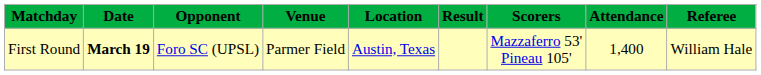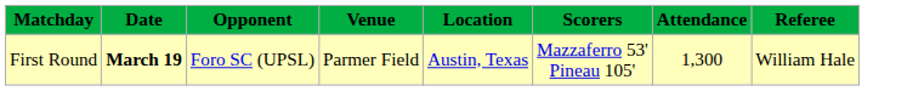 <table class="wikitable">
 <tr>
 <th style="background:#00AE42; color:black;">Matchday</th>
 <th style="background:#00AE42; color:black;">Date</th>
 <th style="background:#00AE42; color:black;">Opponent</th>
 <th style="background:#00AE42; color:black;">Venue</th>
 <th style="background:#00AE42; color:black;">Location</th>
-<th style="background:#00AE42; color:black;">Result</th>
 <th style="background:#00AE42; color:black;">Scorers</th>
 <th style="background:#00AE42; color:black;">Attendance</th>
 <th style="background:#00AE42; color:black;">Referee</th>
 </tr>
 <tr bgcolor = ffffbb>
 <td align="center">First Round</td>
 <td align="center"><strong>March 19</strong></td>
 <td align="center"> <a href='#'>Foro SC</a> (UPSL)</td>
 <td align="center">Parmer Field</td>
 <td align="center"><a href='#'>Austin, Texas</a></td>
-<td align="center"><br></td>
 <td align="center"><a href='#'>Mazzaferro</a> 53'<br><a href='#'>Pineau</a> 105'</td>
-<td align="center">1,400</td>
+<td align="center">1,300</td>
 <td align="center">William Hale</td>
 </tr>
 </table>
